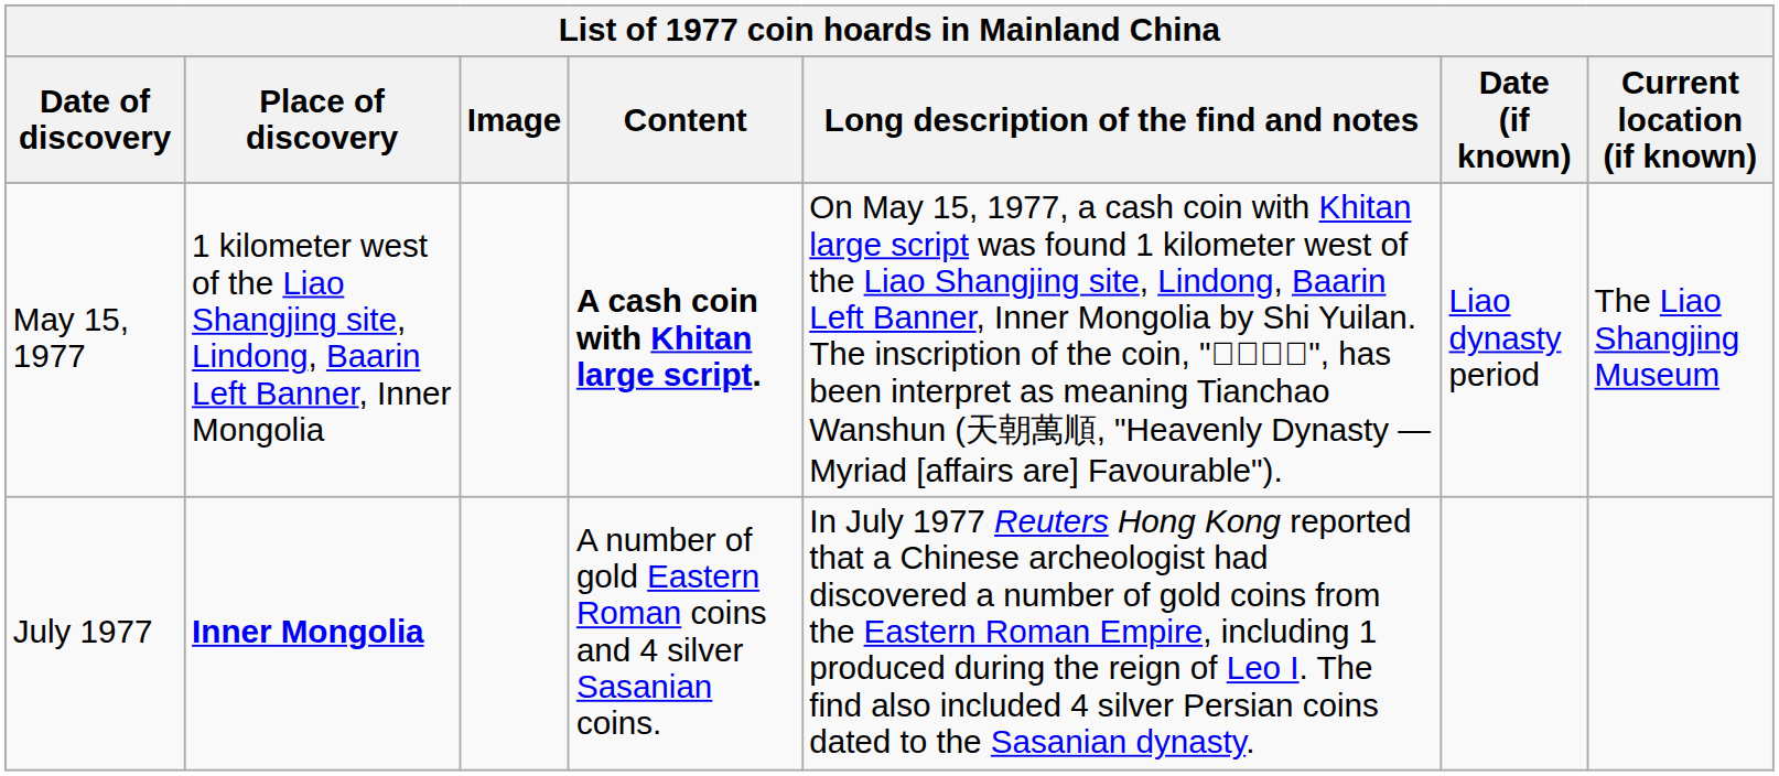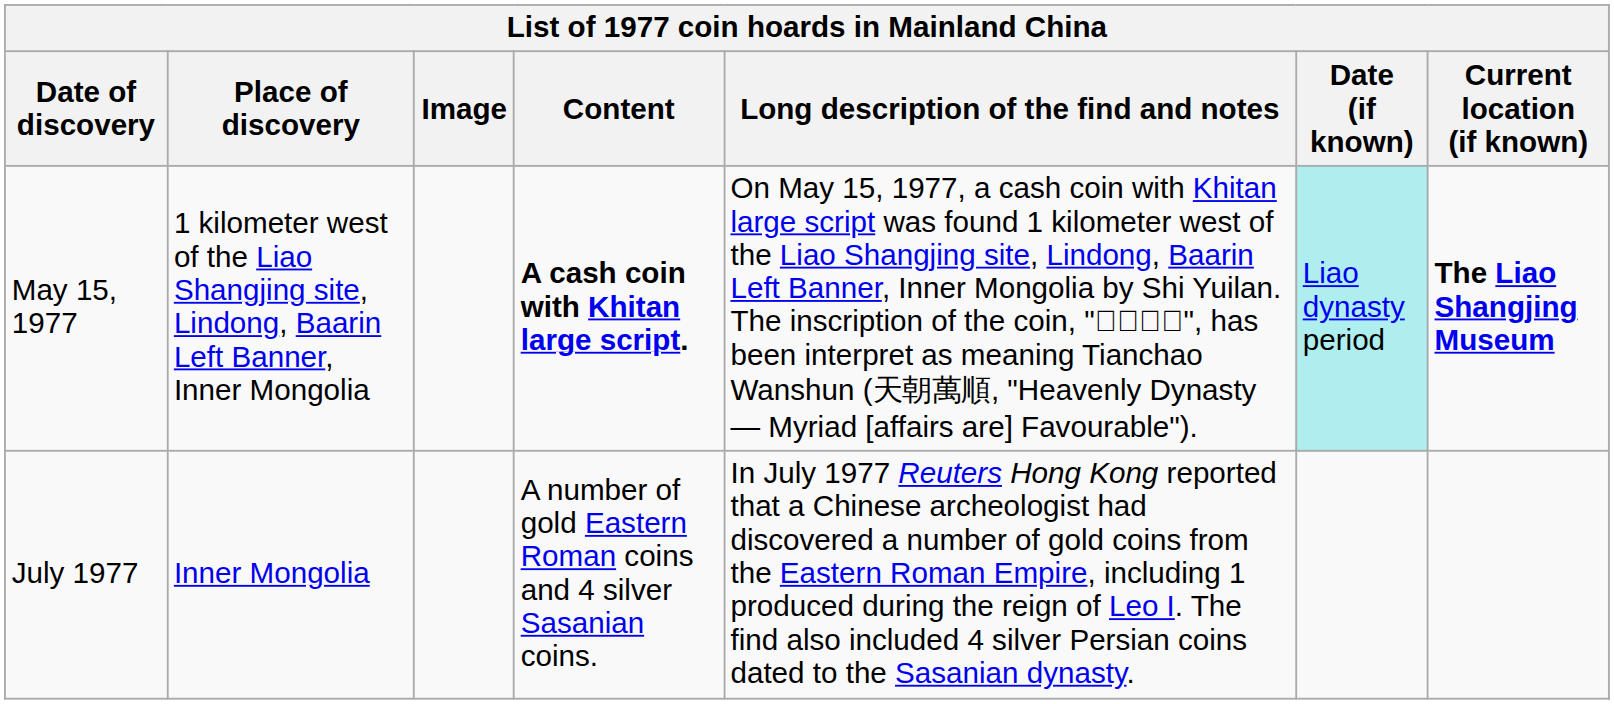 <table class="wikitable" style="font-size: 100%">
 <tr>
 <th colspan=7>List of 1977 coin hoards in Mainland China</th>
 </tr>
 <tr>
 <th>Date of discovery</th>
 <th>Place of discovery</th>
 <th>Image</th>
 <th>Content</th>
 <th>Long description of the find and notes</th>
 <th>Date<br>(if known)</th>
 <th>Current location<br>(if known)</th>
 </tr>
 <tr>
 <td>May 15, 1977</td>
 <td>1 kilometer west of the <a href='#'>Liao Shangjing site</a>, <a href='#'>Lindong</a>, <a href='#'>Baarin Left Banner</a>, Inner Mongolia</td>
 <td></td>
 <td><strong>A cash coin with <a href='#'>Khitan large script</a>.</strong></td>
 <td>On May 15, 1977, a cash coin with <a href='#'>Khitan large script</a> was found 1 kilometer west of the <a href='#'>Liao Shangjing site</a>, <a href='#'>Lindong</a>, <a href='#'>Baarin Left Banner</a>, Inner Mongolia by Shi Yuilan. The inscription of the coin, "", has been interpret as meaning Tianchao Wanshun (天朝萬順, "Heavenly Dynasty — Myriad [affairs are] Favourable").</td>
-<td><a href='#'>Liao dynasty</a> period</td>
-<td>The <a href='#'>Liao Shangjing Museum</a></td>
+<td style="background: paleturquoise;"><a href='#'>Liao dynasty</a> period</td>
+<td><strong>The <a href='#'>Liao Shangjing Museum</a></strong></td>
 </tr>
 <tr>
 <td>July 1977</td>
-<td><strong><a href='#'>Inner Mongolia</a></strong></td>
+<td><a href='#'>Inner Mongolia</a></td>
 <td></td>
 <td>A number of gold <a href='#'>Eastern Roman</a> coins and 4 silver <a href='#'>Sasanian</a> coins.</td>
 <td>In July 1977 <em><a href='#'>Reuters</a> Hong Kong</em> reported that a Chinese archeologist had discovered a number of gold coins from the <a href='#'>Eastern Roman Empire</a>, including 1 produced during the reign of <a href='#'>Leo I</a>. The find also included 4 silver Persian coins dated to the <a href='#'>Sasanian dynasty</a>.</td>
 <td></td>
 <td></td>
 </tr>
 </table>
